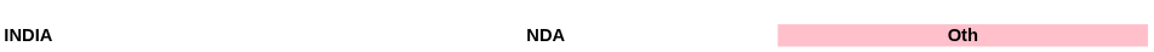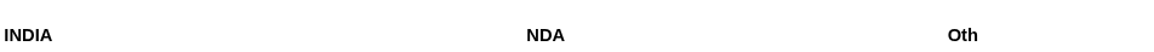 <table style="width:100%; text-align:center;">
 <tr style="color:white;">
 <td style="background:"><strong>30</strong></td>
 <td style="background:"><strong>17</strong></td>
 <td style="background:"><span><strong>1</strong></span></td>
 </tr>
 <tr>
 <td><span><strong>INDIA</strong></span></td>
 <td><span><strong>NDA</strong></span></td>
-<td style="background: pink;"><span><strong>Oth</strong></span></td>
+<td><span><strong>Oth</strong></span></td>
 </tr>
 </table>
